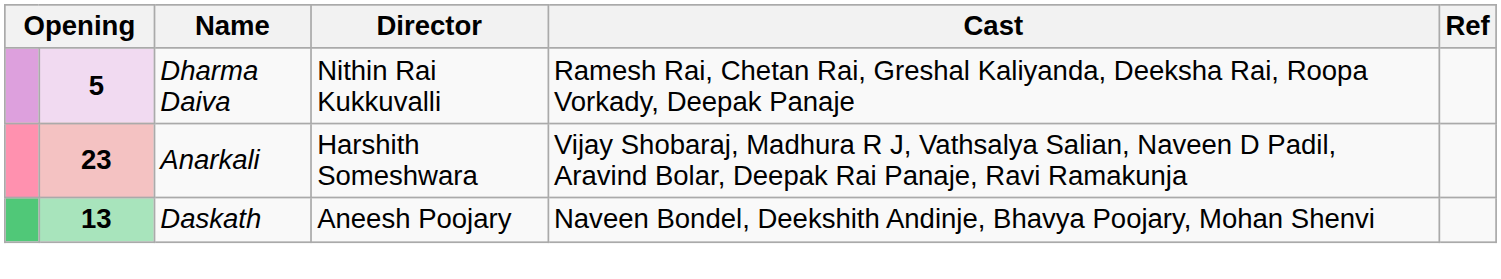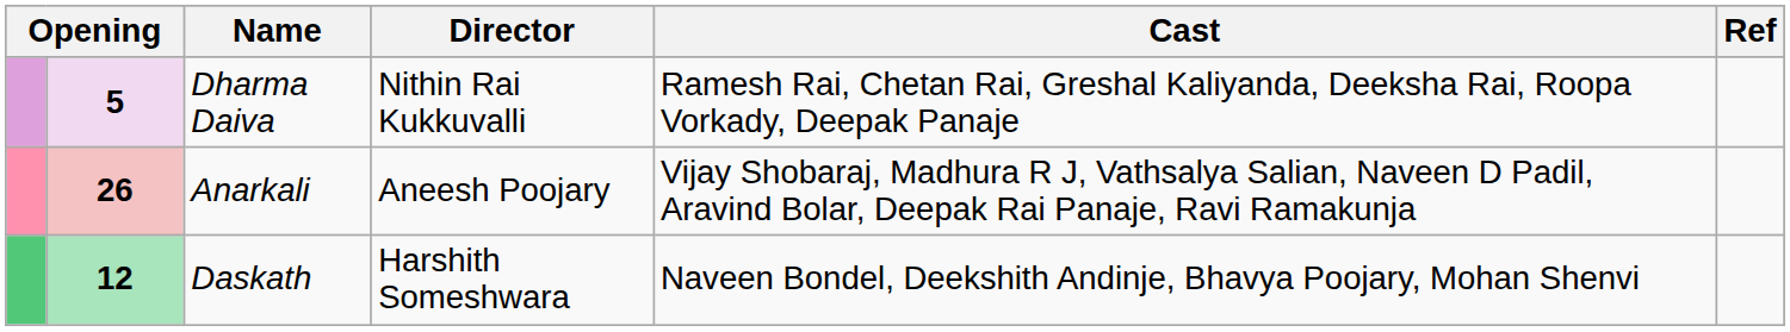 <table class="wikitable sortable">
 <tr>
 <th colspan="2" style="width:10%;">Opening</th>
 <th>Name</th>
 <th>Director</th>
 <th>Cast</th>
 <th>Ref</th>
 </tr>
 <tr>
 <td rowspan="1" style="text-align:center; background:plum; textcolor:#000;"><strong></strong></td>
 <td rowspan="1" style="text-align:center;background:#f1daf1;"><strong>5</strong></td>
 <td><em>Dharma Daiva</em></td>
 <td>Nithin Rai Kukkuvalli</td>
 <td>Ramesh Rai, Chetan Rai, Greshal Kaliyanda, Deeksha Rai, Roopa Vorkady, Deepak Panaje</td>
 <td></td>
 </tr>
 <tr>
 <td rowspan="1" style="text-align:center; background:#ff91af; textcolor:#000;"><strong></strong></td>
-<td rowspan="1" style="text-align:center;background:#f4c2c2;"><strong>23</strong></td>
+<td rowspan="1" style="text-align:center;background:#f4c2c2;"><strong>26</strong></td>
 <td><em>Anarkali</em></td>
-<td>Harshith Someshwara</td>
+<td>Aneesh Poojary</td>
 <td>Vijay Shobaraj, Madhura R J, Vathsalya Salian, Naveen D Padil, Aravind Bolar, Deepak Rai Panaje, Ravi Ramakunja</td>
 <td></td>
 </tr>
 <tr December!>
 <td rowspan="1" style="text-align:center; background:#50c878; textcolor:#000;"><strong></strong></td>
-<td rowspan="1" style="text-align:center;background:#a8e4bc;"><strong>13</strong></td>
+<td rowspan="1" style="text-align:center;background:#a8e4bc;"><strong>12</strong></td>
 <td><em>Daskath</em></td>
-<td>Aneesh Poojary</td>
+<td>Harshith Someshwara</td>
 <td>Naveen Bondel, Deekshith Andinje, Bhavya Poojary, Mohan Shenvi</td>
 <td></td>
 </tr>
 </table>
